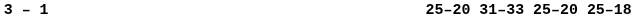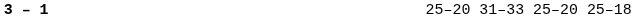 <table width=100% cellspacing=1>
 <tr>
 <th width=20%></th>
 <th width=12%></th>
 <th width=20%></th>
 <th width=33%></th>
 <td></td>
 </tr>
 <tr style=font-size:95%>
 <td align=right><strong></strong></td>
 <td align=center><strong>3 – 1</strong></td>
 <td></td>
-<td><strong>25–20 31–33 25–20 25–18</strong></td>
+<td>25–20 31–33 25–20 25–18</td>
 </tr>
 </table>
